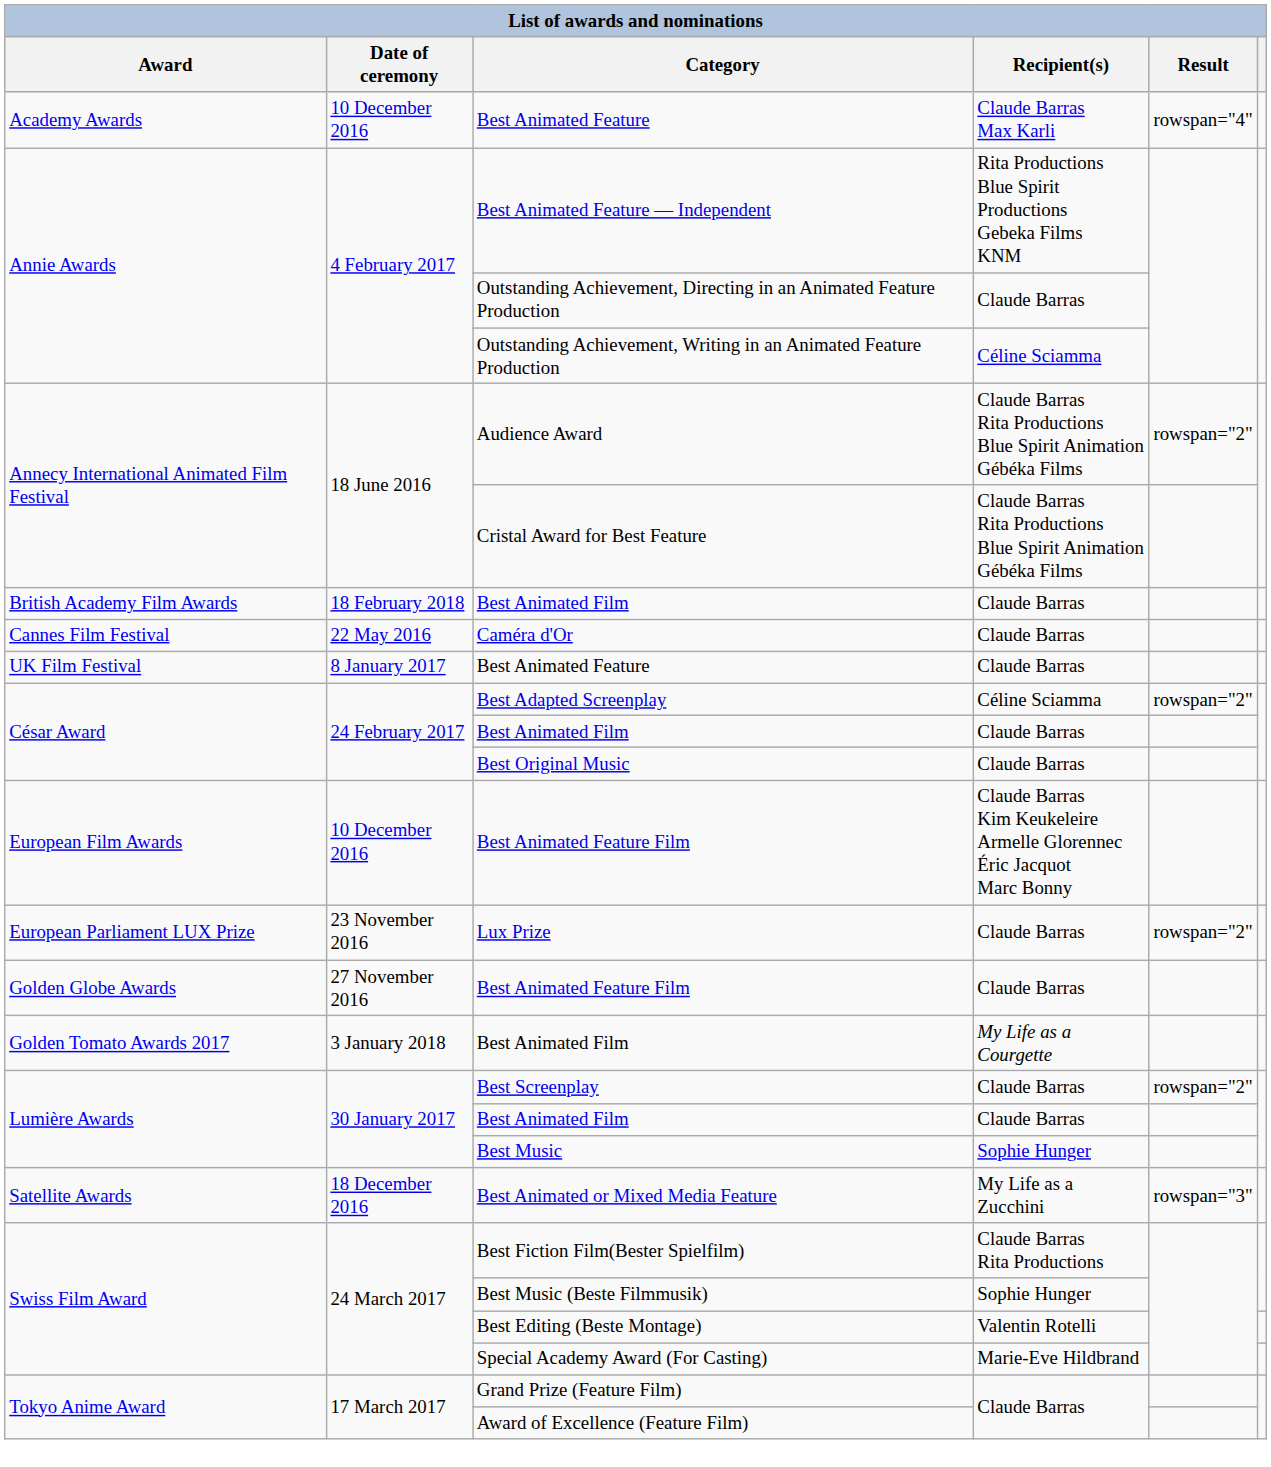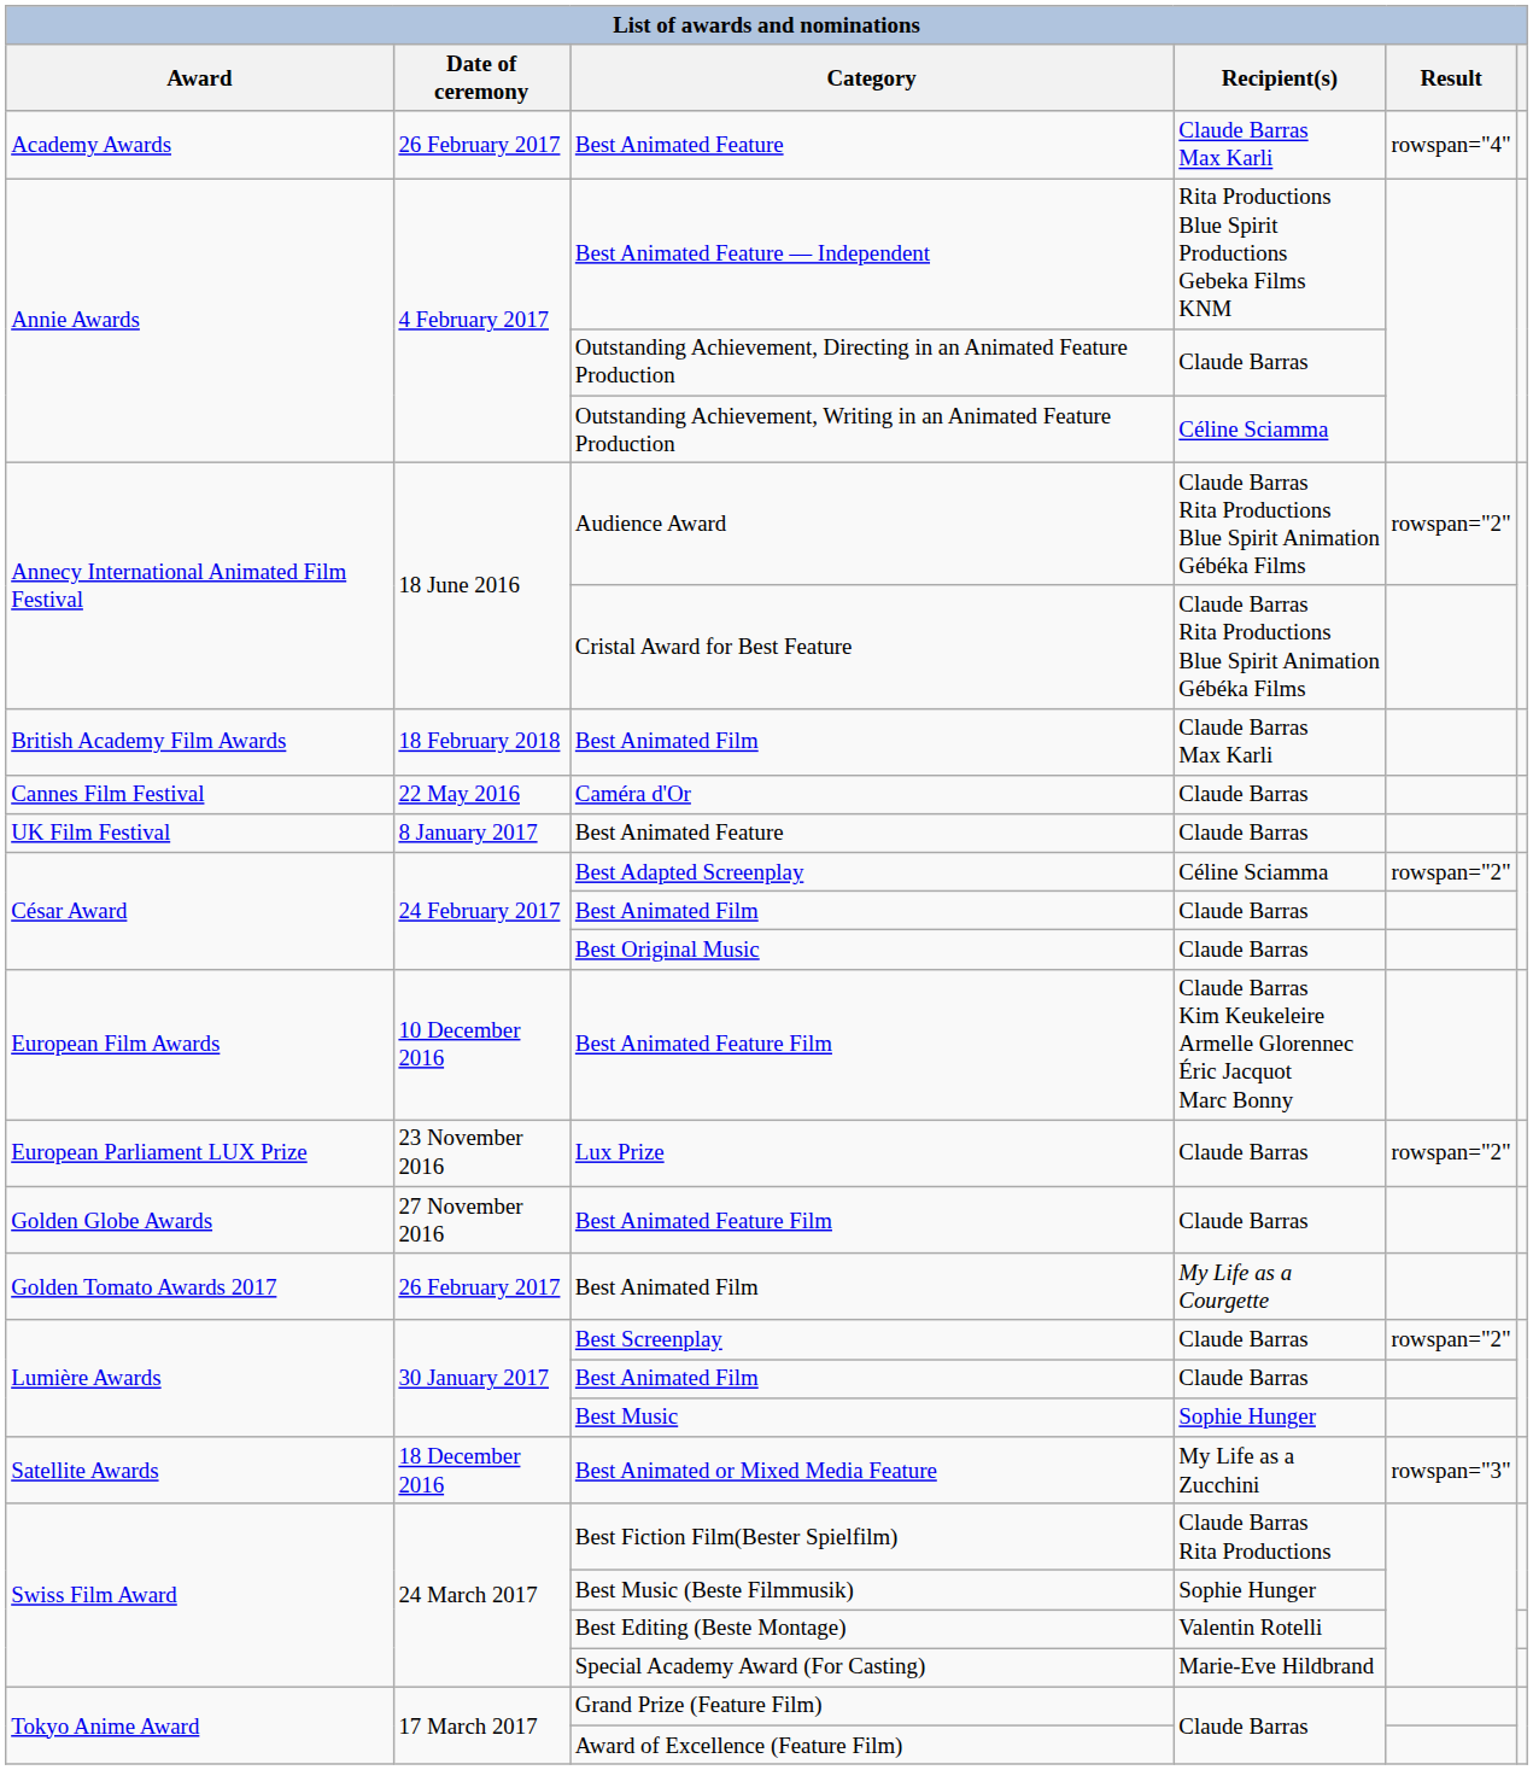 <table class="wikitable sortable" style="font-size:small">
 <tr style="background:#ccc; text-align:center;">
 <th colspan="6" style="background: LightSteelBlue;">List of awards and nominations</th>
 </tr>
 <tr style="background:#ccc; text-align:center;">
 <th>Award</th>
 <th>Date of ceremony</th>
 <th>Category</th>
 <th>Recipient(s)</th>
 <th>Result</th>
 <th class="unsortable"></th>
 </tr>
 <tr>
 <td><a href='#'>Academy Awards</a></td>
-<td><a href='#'>10 December 2016</a></td>
+<td><a href='#'>26 February 2017</a></td>
 <td><a href='#'>Best Animated Feature</a></td>
 <td><a href='#'>Claude Barras</a> <br> <a href='#'>Max Karli</a></td>
 <td>rowspan="4" </td>
 <td style="text-align:center;"><br></td>
 </tr>
 <tr>
 <td rowspan="3"><a href='#'>Annie Awards</a></td>
 <td rowspan="3"><a href='#'>4 February 2017</a></td>
 <td><a href='#'>Best Animated Feature — Independent</a></td>
 <td>Rita Productions<br>Blue Spirit Productions<br>Gebeka Films<br>KNM</td>
 <td rowspan="3" style="text-align:center;"></td>
 </tr>
 <tr>
 <td>Outstanding Achievement, Directing in an Animated Feature Production</td>
 <td>Claude Barras</td>
 </tr>
 <tr>
 <td>Outstanding Achievement, Writing in an Animated Feature Production</td>
 <td><a href='#'>Céline Sciamma</a></td>
 </tr>
 <tr>
 <td rowspan="2"><a href='#'>Annecy International Animated Film Festival</a></td>
 <td rowspan="2">18 June 2016</td>
 <td>Audience Award</td>
 <td>Claude Barras<br> Rita Productions<br>Blue Spirit Animation<br>Gébéka Films</td>
 <td>rowspan="2" </td>
 <td rowspan="2" style="text-align:center;"></td>
 </tr>
 <tr>
 <td>Cristal Award for Best Feature</td>
 <td>Claude Barras<br>Rita Productions<br>Blue Spirit Animation<br>Gébéka Films</td>
 </tr>
 <tr>
 <td><a href='#'>British Academy Film Awards</a></td>
 <td><a href='#'>18 February 2018</a></td>
 <td><a href='#'>Best Animated Film</a></td>
-<td>Claude Barras</td>
+<td>Claude Barras<br>Max Karli</td>
 <td></td>
 <td style="text-align:center;"></td>
 </tr>
 <tr>
 <td><a href='#'>Cannes Film Festival</a></td>
 <td><a href='#'>22 May 2016</a></td>
 <td><a href='#'>Caméra d'Or</a></td>
 <td>Claude Barras</td>
 <td></td>
 <td></td>
 </tr>
 <tr>
 <td><a href='#'>UK Film Festival</a></td>
 <td><a href='#'>8 January 2017</a></td>
 <td>Best Animated Feature</td>
 <td>Claude Barras</td>
 <td></td>
 <td></td>
 </tr>
 <tr>
 <td rowspan="3"><a href='#'>César Award</a></td>
 <td rowspan="3"><a href='#'>24 February 2017</a></td>
 <td><a href='#'>Best Adapted Screenplay</a></td>
 <td>Céline Sciamma</td>
 <td>rowspan="2" </td>
 <td rowspan="3"></td>
 </tr>
 <tr>
 <td><a href='#'>Best Animated Film</a></td>
 <td>Claude Barras</td>
 </tr>
 <tr>
 <td><a href='#'>Best Original Music</a></td>
 <td>Claude Barras</td>
 <td></td>
 </tr>
 <tr>
 <td><a href='#'>European Film Awards</a></td>
 <td><a href='#'>10 December 2016</a></td>
 <td><a href='#'>Best Animated Feature Film</a></td>
 <td>Claude Barras<br>Kim Keukeleire<br>Armelle Glorennec<br>Éric Jacquot<br>Marc Bonny</td>
 <td></td>
 <td></td>
 </tr>
 <tr>
 <td><a href='#'>European Parliament LUX Prize</a></td>
 <td>23 November 2016</td>
 <td><a href='#'>Lux Prize</a></td>
 <td>Claude Barras</td>
 <td>rowspan="2" </td>
 <td></td>
 </tr>
 <tr>
 <td><a href='#'>Golden Globe Awards</a></td>
 <td>27 November 2016</td>
 <td><a href='#'>Best Animated Feature Film</a></td>
 <td>Claude Barras</td>
 <td></td>
 </tr>
 <tr>
 <td><a href='#'>Golden Tomato Awards 2017</a></td>
-<td>3 January 2018</td>
+<td><a href='#'>26 February 2017</a></td>
 <td>Best Animated Film</td>
 <td><em>My Life as a Courgette</em></td>
 <td></td>
 <td></td>
 </tr>
 <tr>
 <td rowspan="3"><a href='#'>Lumière Awards</a></td>
 <td rowspan="3"><a href='#'>30 January 2017</a></td>
 <td><a href='#'>Best Screenplay</a></td>
 <td>Claude Barras</td>
 <td>rowspan="2" </td>
 <td rowspan=3></td>
 </tr>
 <tr>
 <td><a href='#'>Best Animated Film</a></td>
 <td>Claude Barras</td>
 </tr>
 <tr>
 <td><a href='#'>Best Music</a></td>
 <td><a href='#'>Sophie Hunger</a></td>
 <td></td>
 </tr>
 <tr>
 <td><a href='#'>Satellite Awards</a></td>
 <td><a href='#'>18 December 2016</a></td>
 <td><a href='#'>Best Animated or Mixed Media Feature</a></td>
 <td>My Life as a Zucchini</td>
 <td>rowspan="3" </td>
 <td></td>
 </tr>
 <tr>
 <td rowspan="4"><a href='#'>Swiss Film Award</a></td>
 <td rowspan="4">24 March 2017</td>
 <td>Best Fiction Film(Bester Spielfilm)</td>
 <td>Claude Barras<br>Rita Productions</td>
 <td rowspan="4"></td>
 </tr>
 <tr>
 <td>Best Music (Beste Filmmusik)</td>
 <td>Sophie Hunger</td>
 </tr>
 <tr>
 <td>Best Editing (Beste Montage)</td>
 <td>Valentin Rotelli</td>
 <td></td>
 </tr>
 <tr>
 <td>Special Academy Award (For Casting)</td>
 <td>Marie-Eve Hildbrand</td>
 <td></td>
 </tr>
 <tr>
 <td rowspan="2"><a href='#'>Tokyo Anime Award</a></td>
 <td rowspan="2">17 March 2017</td>
 <td>Grand Prize (Feature Film)</td>
 <td rowspan="2">Claude Barras</td>
 <td></td>
 <td rowspan="2"></td>
 </tr>
 <tr>
 <td>Award of Excellence (Feature Film)</td>
 <td></td>
 </tr>
 </table>
